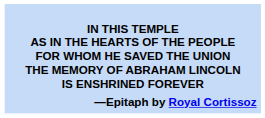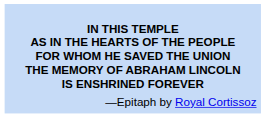 <table class="toccolours" style="float: right; margin-left: 0em; margin-right: 1em; font-size: 101%; background:#c6dbf7; color:black; width:22em; max-width:50%" cellspacing="5">
 <tr>
 <td align="center"><br><strong>IN THIS TEMPLE</strong><br> <strong>AS IN THE HEARTS OF THE PEOPLE</strong><br> <strong>FOR WHOM HE SAVED THE UNION</strong><br> <strong>THE MEMORY OF ABRAHAM LINCOLN</strong><br> <strong>IS ENSHRINED FOREVER</strong></td>
 </tr>
 <tr>
-<td align="right"><strong>—Epitaph by <a href='#'>Royal Cortissoz</a></strong></td>
+<td align="right">—Epitaph by <a href='#'>Royal Cortissoz</a></td>
 </tr>
 </table>
